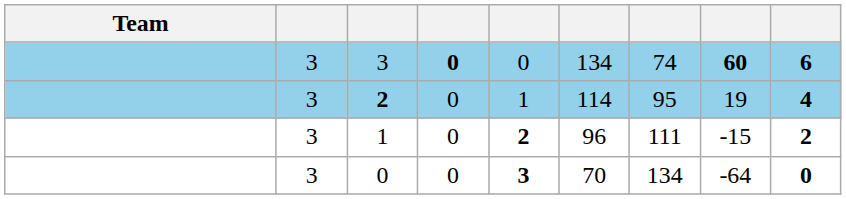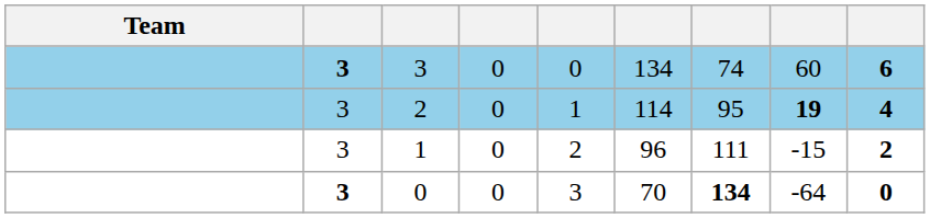 <table class=wikitable style="text-align:center">
 <tr>
 <th width=175>Team</th>
 <th width=40></th>
 <th width=40></th>
 <th width=40></th>
 <th width=40></th>
 <th width=40></th>
 <th width=40></th>
 <th width=40></th>
 <th width=40></th>
 </tr>
 <tr style="background:#93d0ea">
 <td align=left></td>
+<td><strong>3</strong></td>
 <td>3</td>
-<td>3</td>
-<td><strong>0</strong></td>
+<td>0</td>
 <td>0</td>
 <td>134</td>
 <td>74</td>
-<td><strong>60</strong></td>
+<td>60</td>
 <td><strong>6</strong></td>
 </tr>
 <tr style="background:#93d0ea">
 <td align=left></td>
 <td>3</td>
-<td><strong>2</strong></td>
+<td>2</td>
 <td>0</td>
 <td>1</td>
 <td>114</td>
 <td>95</td>
-<td>19</td>
+<td><strong>19</strong></td>
 <td><strong>4</strong></td>
 </tr>
 <tr style="background:white;">
 <td align=left></td>
 <td>3</td>
 <td>1</td>
 <td>0</td>
-<td><strong>2</strong></td>
+<td>2</td>
 <td>96</td>
 <td>111</td>
 <td>-15</td>
 <td><strong>2</strong></td>
 </tr>
 <tr style="background:white;">
 <td align=left></td>
-<td>3</td>
+<td><strong>3</strong></td>
 <td>0</td>
 <td>0</td>
-<td><strong>3</strong></td>
+<td>3</td>
 <td>70</td>
-<td>134</td>
+<td><strong>134</strong></td>
 <td>-64</td>
 <td><strong>0</strong></td>
 </tr>
 </table>
